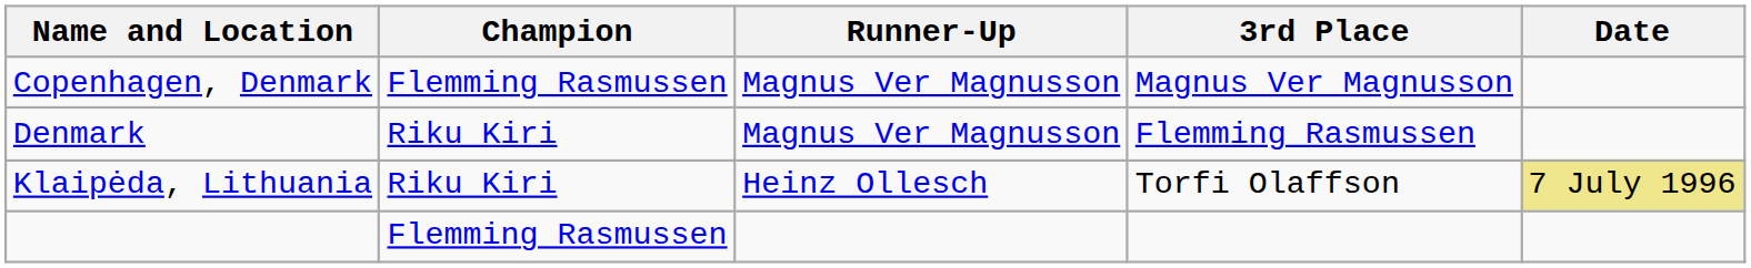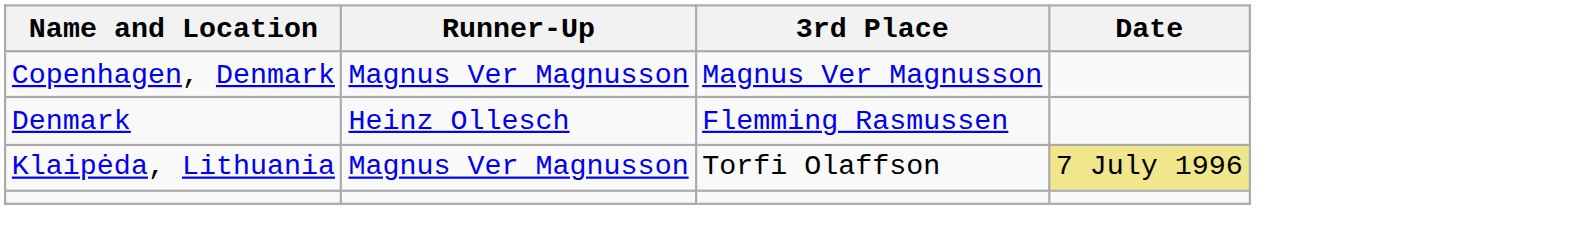 <table class="wikitable" style="display: inline-table">
 <tr>
 <th>Name and Location</th>
-<th>Champion</th>
 <th>Runner-Up</th>
 <th>3rd Place</th>
 <th>Date</th>
 </tr>
 <tr>
 <td> <a href='#'>Copenhagen</a>, <a href='#'>Denmark</a><br> </td>
-<td> <a href='#'>Flemming Rasmussen</a></td>
 <td> <a href='#'>Magnus Ver Magnusson</a></td>
 <td> <a href='#'>Magnus Ver Magnusson</a></td>
 <td></td>
 </tr>
 <tr>
 <td> <a href='#'>Denmark</a> <br> </td>
-<td> <a href='#'>Riku Kiri</a></td>
-<td> <a href='#'>Magnus Ver Magnusson</a></td>
+<td> <a href='#'>Heinz Ollesch</a></td>
 <td> <a href='#'>Flemming Rasmussen</a></td>
 <td></td>
 </tr>
 <tr>
 <td> <a href='#'>Klaipėda</a>, <a href='#'>Lithuania</a> </td>
-<td> <a href='#'>Riku Kiri</a></td>
-<td> <a href='#'>Heinz Ollesch</a></td>
+<td> <a href='#'>Magnus Ver Magnusson</a></td>
 <td> Torfi Olaffson</td>
 <td style="background: khaki;">7 July 1996</td>
 </tr>
 <tr>
 <td></td>
-<td> <a href='#'>Flemming Rasmussen</a></td>
 <td></td>
 <td></td>
 <td></td>
 </tr>
 </table>
